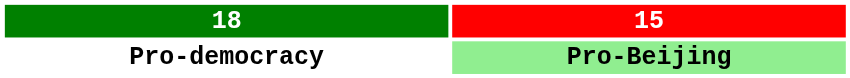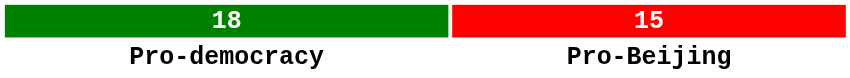 <table style="width:50%; text-align:center;">
 <tr style="color:white;">
 <td style="background:green; width:53%;"><strong>18</strong></td>
 <td style="background:red; width:47%;"><strong>15</strong></td>
 </tr>
 <tr>
 <td><span><strong>Pro-democracy</strong></span></td>
-<td style="background: lightgreen;"><span><strong>Pro-Beijing</strong></span></td>
+<td><span><strong>Pro-Beijing</strong></span></td>
 </tr>
 </table>
